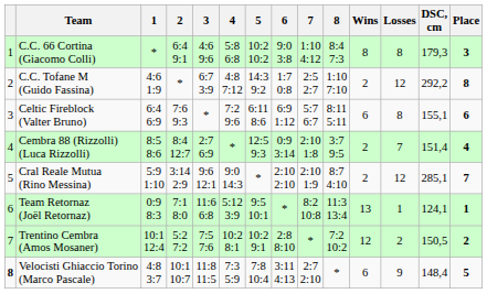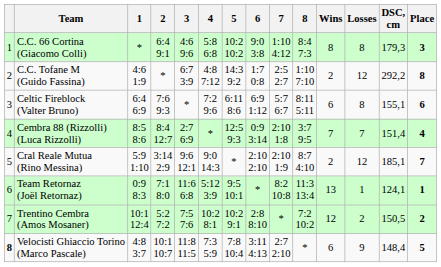 <table class="wikitable" style="text-align:center;">
 <tr>
 <th></th>
 <th>Team</th>
 <th width=20>1</th>
 <th width=20>2</th>
 <th width=20>3</th>
 <th width=20>4</th>
 <th width=20>5</th>
 <th width=20>6</th>
 <th width=20>7</th>
 <th width=20>8</th>
 <th width="20">Wins</th>
 <th width="20">Losses</th>
 <th width="30">DSC, cm</th>
 <th>Place</th>
 </tr>
 <tr bgcolor=#cfc>
 <td>1</td>
 <td align=left>C.C. 66 Cortina<br>(Giacomo Colli)</td>
 <td>*</td>
 <td>6:4<br> 9:1</td>
 <td>4:6<br> 9:6</td>
 <td>5:8<br> 6:8</td>
 <td>10:2<br>10:2</td>
 <td>9:0<br> 3:8</td>
 <td>1:10<br>4:12</td>
 <td>8:4<br> 7:3</td>
 <td>8</td>
 <td>8</td>
 <td>179,3</td>
 <td><strong>3</strong></td>
 </tr>
 <tr>
 <td>2</td>
 <td align=left>C.C. Tofane M<br>(Guido Fassina)</td>
 <td>4:6<br> 1:9</td>
 <td>*</td>
 <td>6:7<br> 3:9</td>
 <td>4:8<br>7:12</td>
 <td>14:3<br> 9:2</td>
 <td>1:7<br> 0:8</td>
 <td>2:5<br> 2:7</td>
 <td>1:10<br>7:10</td>
 <td>2</td>
 <td>12</td>
 <td>292,2</td>
 <td><strong>8</strong></td>
 </tr>
 <tr>
 <td>3</td>
 <td align=left>Celtic Fireblock<br>(Valter Bruno)</td>
 <td>6:4<br> 6:9</td>
 <td>7:6<br> 9:3</td>
 <td>*</td>
 <td>7:2<br> 9:6</td>
 <td>6:11<br> 8:6</td>
 <td>6:9<br>1:12</td>
 <td>5:7<br> 6:7</td>
 <td>8:11<br>5:11</td>
 <td>6</td>
 <td>8</td>
 <td>155,1</td>
 <td><strong>6</strong></td>
 </tr>
 <tr bgcolor=#cfc>
 <td>4</td>
 <td align=left>Cembra 88 (Rizzolli)<br>(Luca Rizzolli)</td>
 <td>8:5<br> 8:6</td>
 <td>8:4<br>12:7</td>
 <td>2:7<br> 6:9</td>
 <td>*</td>
 <td>12:5<br> 9:3</td>
 <td>0:9<br>3:14</td>
 <td>2:10<br> 1:8</td>
 <td>3:7<br> 9:5</td>
-<td>2</td>
+<td>7</td>
 <td>7</td>
 <td>151,4</td>
 <td><strong>4</strong></td>
 </tr>
 <tr>
 <td>5</td>
 <td align=left>Cral Reale Mutua<br>(Rino Messina)</td>
 <td>5:9<br>1:10</td>
 <td>3:14<br> 2:9</td>
 <td>9:6<br>12:1</td>
 <td>9:0<br>14:3</td>
 <td>*</td>
 <td>2:10<br>2:10</td>
 <td>2:10<br> 1:9</td>
 <td>8:7<br>4:10</td>
 <td>2</td>
 <td>12</td>
-<td>285,1</td>
+<td>185,1</td>
 <td><strong>7</strong></td>
 </tr>
 <tr bgcolor=#cfc>
 <td>6</td>
 <td align=left>Team Retornaz<br>(Joël Retornaz)</td>
 <td>0:9<br> 8:3</td>
 <td>7:1<br> 8:0</td>
 <td>11:6<br> 6:8</td>
 <td>5:12<br> 3:9</td>
 <td>9:5<br>10:1</td>
 <td>*</td>
 <td>8:2<br>10:8</td>
 <td>11:3<br>13:4</td>
 <td>13</td>
 <td>1</td>
 <td>124,1</td>
 <td><strong>1</strong></td>
 </tr>
 <tr bgcolor=#cfc>
 <td>7</td>
 <td align=left>Trentino Cembra<br>(Amos Mosaner)</td>
 <td>10:1<br>12:4</td>
 <td>5:2<br> 7:2</td>
 <td>7:5<br> 7:6</td>
 <td>10:2<br> 8:1</td>
 <td>10:2<br> 9:1</td>
 <td>2:8<br>8:10</td>
 <td>*</td>
 <td>7:2<br>10:2</td>
 <td>12</td>
 <td>2</td>
 <td>150,5</td>
 <td><strong>2</strong></td>
 </tr>
 <tr>
 <td><strong>8</strong></td>
 <td align=left>Velocisti Ghiaccio Torino<br>(Marco Pascale)</td>
 <td>4:8<br> 3:7</td>
 <td>10:1<br>10:7</td>
 <td>11:8<br>11:5</td>
 <td>7:3<br> 5:9</td>
 <td>7:8<br>10:4</td>
 <td>3:11<br>4:13</td>
 <td>2:7<br>2:10</td>
 <td>*</td>
 <td>6</td>
 <td>9</td>
 <td>148,4</td>
 <td><strong>5</strong></td>
 </tr>
 </table>
